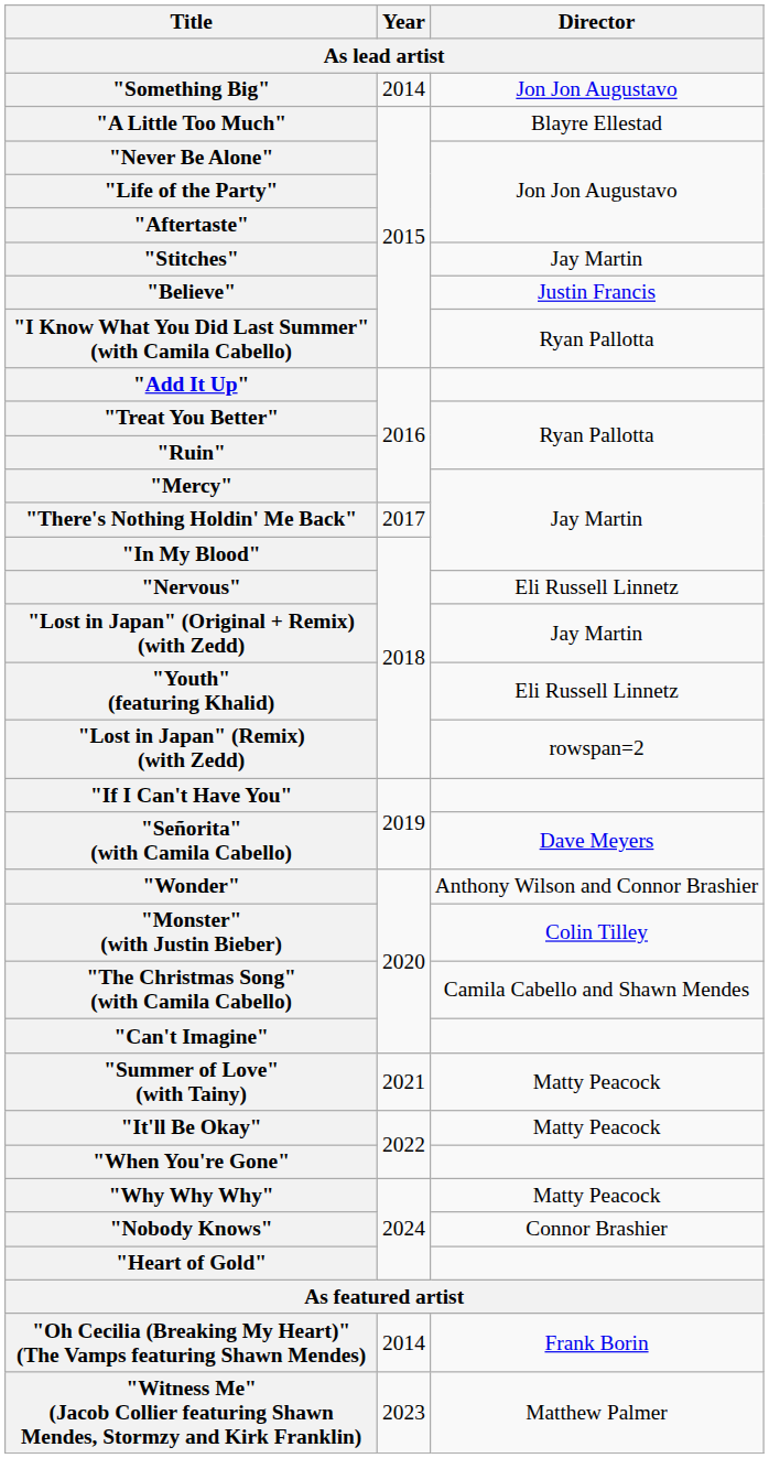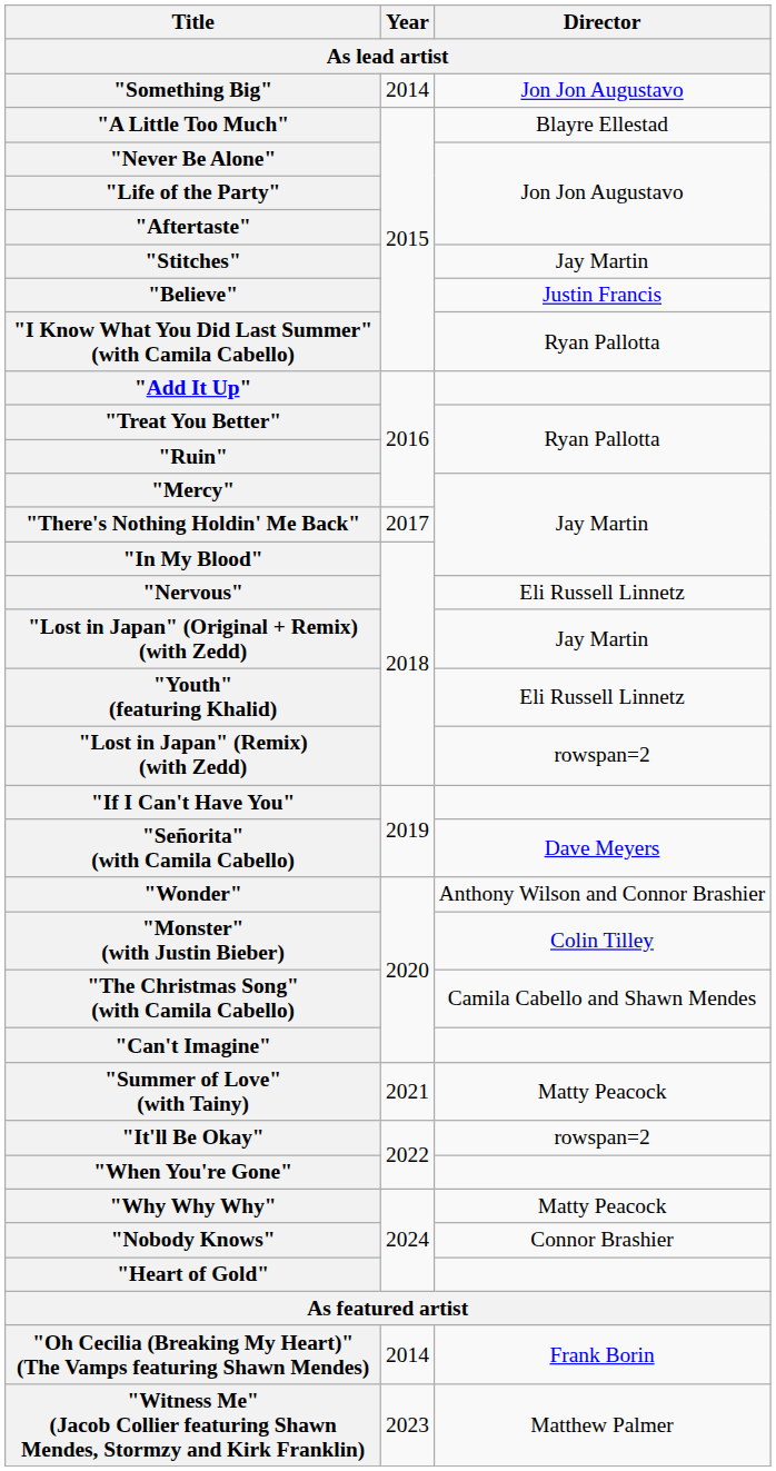 <table class="wikitable plainrowheaders" style="text-align:center;">
 <tr>
 <th scope="col" style="width:17em;">Title</th>
 <th scope="col" style="width:1em;">Year</th>
 <th scope="col">Director</th>
 </tr>
 <tr>
 <th scope="col" colspan="4">As lead artist</th>
 </tr>
 <tr>
 <th scope="row">"Something Big"</th>
 <td>2014</td>
 <td><a href='#'>Jon Jon Augustavo</a></td>
 </tr>
 <tr>
 <th scope="row">"A Little Too Much"</th>
 <td rowspan="7">2015</td>
 <td>Blayre Ellestad</td>
 </tr>
 <tr>
 <th scope="row">"Never Be Alone"</th>
 <td rowspan="3">Jon Jon Augustavo</td>
 </tr>
 <tr>
 <th scope="row">"Life of the Party"</th>
 </tr>
 <tr>
 <th scope="row">"Aftertaste"</th>
 </tr>
 <tr>
 <th scope="row">"Stitches"</th>
 <td>Jay Martin</td>
 </tr>
 <tr>
 <th scope="row">"Believe"</th>
 <td><a href='#'>Justin Francis</a></td>
 </tr>
 <tr>
 <th scope="row">"I Know What You Did Last Summer"<br><span>(with Camila Cabello)</span></th>
 <td>Ryan Pallotta</td>
 </tr>
 <tr>
 <th scope="row">"<a href='#'>Add It Up</a>"</th>
 <td rowspan="4">2016</td>
 <td></td>
 </tr>
 <tr>
 <th scope="row">"Treat You Better"</th>
 <td rowspan="2">Ryan Pallotta</td>
 </tr>
 <tr>
 <th scope="row">"Ruin"</th>
 </tr>
 <tr>
 <th scope="row">"Mercy"</th>
 <td rowspan="3">Jay Martin</td>
 </tr>
 <tr>
 <th scope="row">"There's Nothing Holdin' Me Back"</th>
 <td>2017</td>
 </tr>
 <tr>
 <th scope="row">"In My Blood"</th>
 <td rowspan="5">2018</td>
 </tr>
 <tr>
 <th scope="row">"Nervous"</th>
 <td>Eli Russell Linnetz</td>
 </tr>
 <tr>
 <th scope="row">"Lost in Japan" (Original + Remix)<br><span>(with Zedd)</span></th>
 <td>Jay Martin</td>
 </tr>
 <tr>
 <th scope="row">"Youth"<br><span>(featuring Khalid)</span></th>
 <td>Eli Russell Linnetz</td>
 </tr>
 <tr>
 <th scope="row">"Lost in Japan" (Remix)<br><span>(with Zedd)</span></th>
 <td>rowspan=2 </td>
 </tr>
 <tr>
 <th scope="row">"If I Can't Have You"</th>
 <td rowspan="2">2019</td>
 </tr>
 <tr>
 <th scope="row">"Señorita"<br><span>(with Camila Cabello)</span></th>
 <td><a href='#'>Dave Meyers</a></td>
 </tr>
 <tr>
 <th scope="row">"Wonder"</th>
 <td rowspan="4">2020</td>
 <td>Anthony Wilson and Connor Brashier</td>
 </tr>
 <tr>
 <th scope="row">"Monster"<br><span>(with Justin Bieber)</span></th>
 <td><a href='#'>Colin Tilley</a></td>
 </tr>
 <tr>
 <th scope="row">"The Christmas Song"<br><span>(with Camila Cabello)</span></th>
 <td>Camila Cabello and Shawn Mendes</td>
 </tr>
 <tr>
 <th scope="row">"Can't Imagine"</th>
 <td></td>
 </tr>
 <tr>
 <th scope=" row">"Summer of Love"<br><span>(with Tainy)</span></th>
 <td>2021</td>
 <td>Matty Peacock</td>
 </tr>
 <tr>
 <th scope=" row">"It'll Be Okay"</th>
 <td rowspan="2">2022</td>
-<td>Matty Peacock</td>
+<td>rowspan=2 </td>
 </tr>
 <tr>
 <th scope="row">"When You're Gone"</th>
 </tr>
 <tr>
 <th scope="row">"Why Why Why"</th>
 <td rowspan="3">2024</td>
 <td>Matty Peacock</td>
 </tr>
 <tr>
 <th scope=" row">"Nobody Knows"</th>
 <td>Connor Brashier</td>
 </tr>
 <tr>
 <th scope=" row">"Heart of Gold"</th>
 <td></td>
 </tr>
 <tr>
 <th scope="col" colspan="4">As featured artist</th>
 </tr>
 <tr>
 <th scope="row">"Oh Cecilia (Breaking My Heart)"<br><span>(The Vamps featuring Shawn Mendes)</span></th>
 <td>2014</td>
 <td><a href='#'>Frank Borin</a></td>
 </tr>
 <tr>
 <th scope="row">"Witness Me"<br><span>(Jacob Collier featuring Shawn Mendes, Stormzy and Kirk Franklin)</span></th>
 <td>2023</td>
 <td>Matthew Palmer</td>
 </tr>
 </table>
